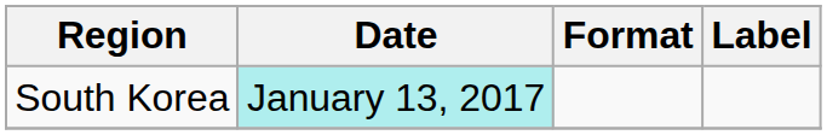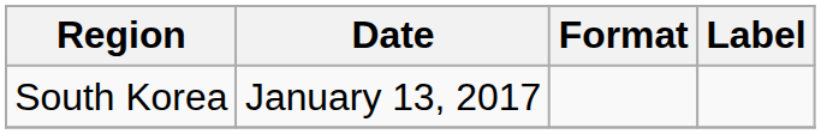 <table class="wikitable">
 <tr>
 <th>Region</th>
 <th>Date</th>
 <th>Format</th>
 <th>Label</th>
 </tr>
 <tr>
 <td align="center">South Korea</td>
-<td align="center" style="background: paleturquoise;">January 13, 2017</td>
+<td align="center">January 13, 2017</td>
 <td align="center"></td>
 <td align="center"></td>
 </tr>
 <tr>
 </tr>
 </table>
